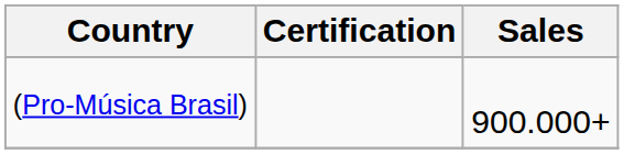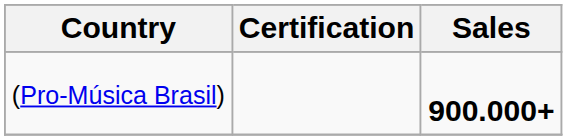 <table class="wikitable">
 <tr>
 <th>Country</th>
 <th>Certification</th>
 <th>Sales</th>
 </tr>
 <tr>
 <td> <small>(<a href='#'>Pro-Música Brasil</a>)</small></td>
 <td align="center"><br></td>
-<td><br>900.000+</td>
+<td><strong><br>900.000+</strong></td>
 </tr>
 <tr>
 </tr>
 </table>
